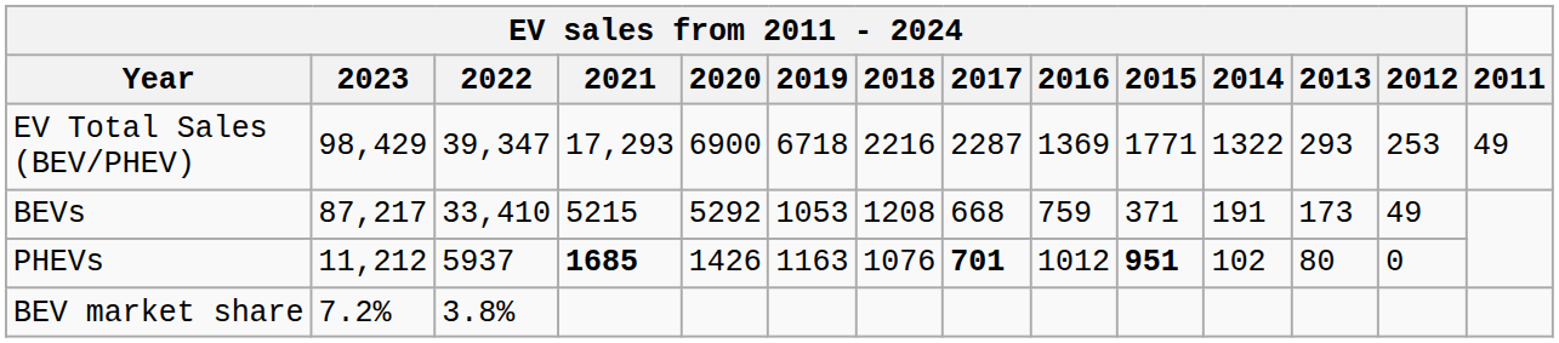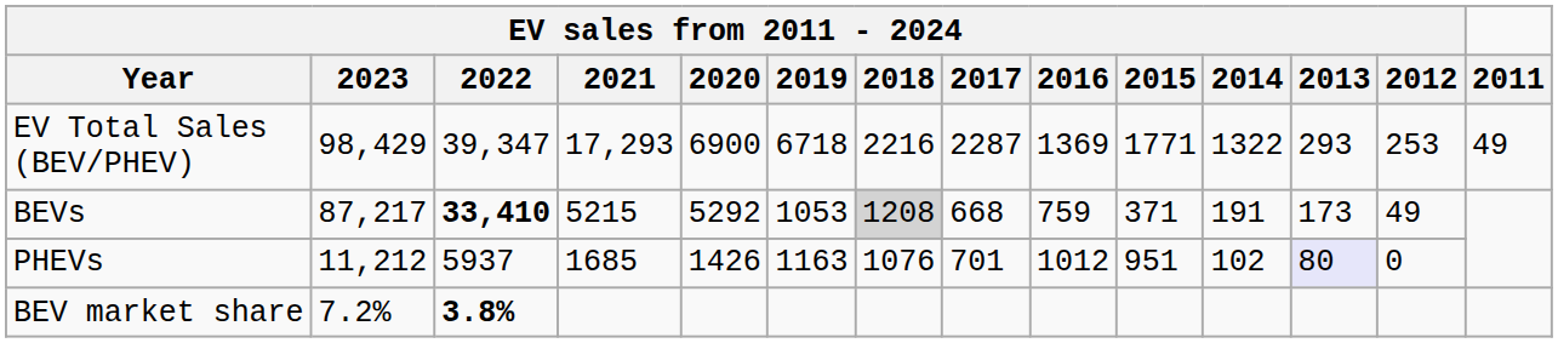 <table class="wikitable">
 <tr>
 <th colspan="13">EV sales from 2011 - 2024</th>
 </tr>
 <tr>
 <th>Year</th>
 <th>2023</th>
 <th>2022</th>
 <th>2021</th>
 <th>2020</th>
 <th>2019</th>
 <th>2018</th>
 <th>2017</th>
 <th>2016</th>
 <th>2015</th>
 <th>2014</th>
 <th>2013</th>
 <th>2012</th>
 <th>2011</th>
 </tr>
 <tr>
 <td>EV Total Sales<br>(BEV/PHEV)</td>
 <td>98,429</td>
 <td>39,347</td>
 <td>17,293</td>
 <td>6900</td>
 <td>6718</td>
 <td>2216</td>
 <td>2287</td>
 <td>1369</td>
 <td>1771</td>
 <td>1322</td>
 <td>293</td>
 <td>253</td>
 <td>49</td>
 </tr>
 <tr>
 <td>BEVs</td>
 <td>87,217</td>
-<td>33,410</td>
+<td><strong>33,410</strong></td>
 <td>5215</td>
 <td>5292</td>
 <td>1053</td>
-<td>1208</td>
+<td style="background: lightgrey;">1208</td>
 <td>668</td>
 <td>759</td>
 <td>371</td>
 <td>191</td>
 <td>173</td>
 <td>49</td>
 </tr>
 <tr>
 <td>PHEVs</td>
 <td>11,212</td>
 <td>5937</td>
-<td><strong>1685</strong></td>
+<td>1685</td>
 <td>1426</td>
 <td>1163</td>
 <td>1076</td>
-<td><strong>701</strong></td>
+<td>701</td>
 <td>1012</td>
-<td><strong>951</strong></td>
+<td>951</td>
 <td>102</td>
-<td>80</td>
+<td style="background: lavender;">80</td>
 <td>0</td>
 </tr>
 <tr>
 <td>BEV market share</td>
 <td>7.2%</td>
-<td>3.8%</td>
+<td><strong>3.8%</strong></td>
 <td></td>
 <td></td>
 <td></td>
 <td></td>
 <td></td>
 <td></td>
 <td></td>
 <td></td>
 <td></td>
 <td></td>
 <td></td>
 </tr>
 </table>
